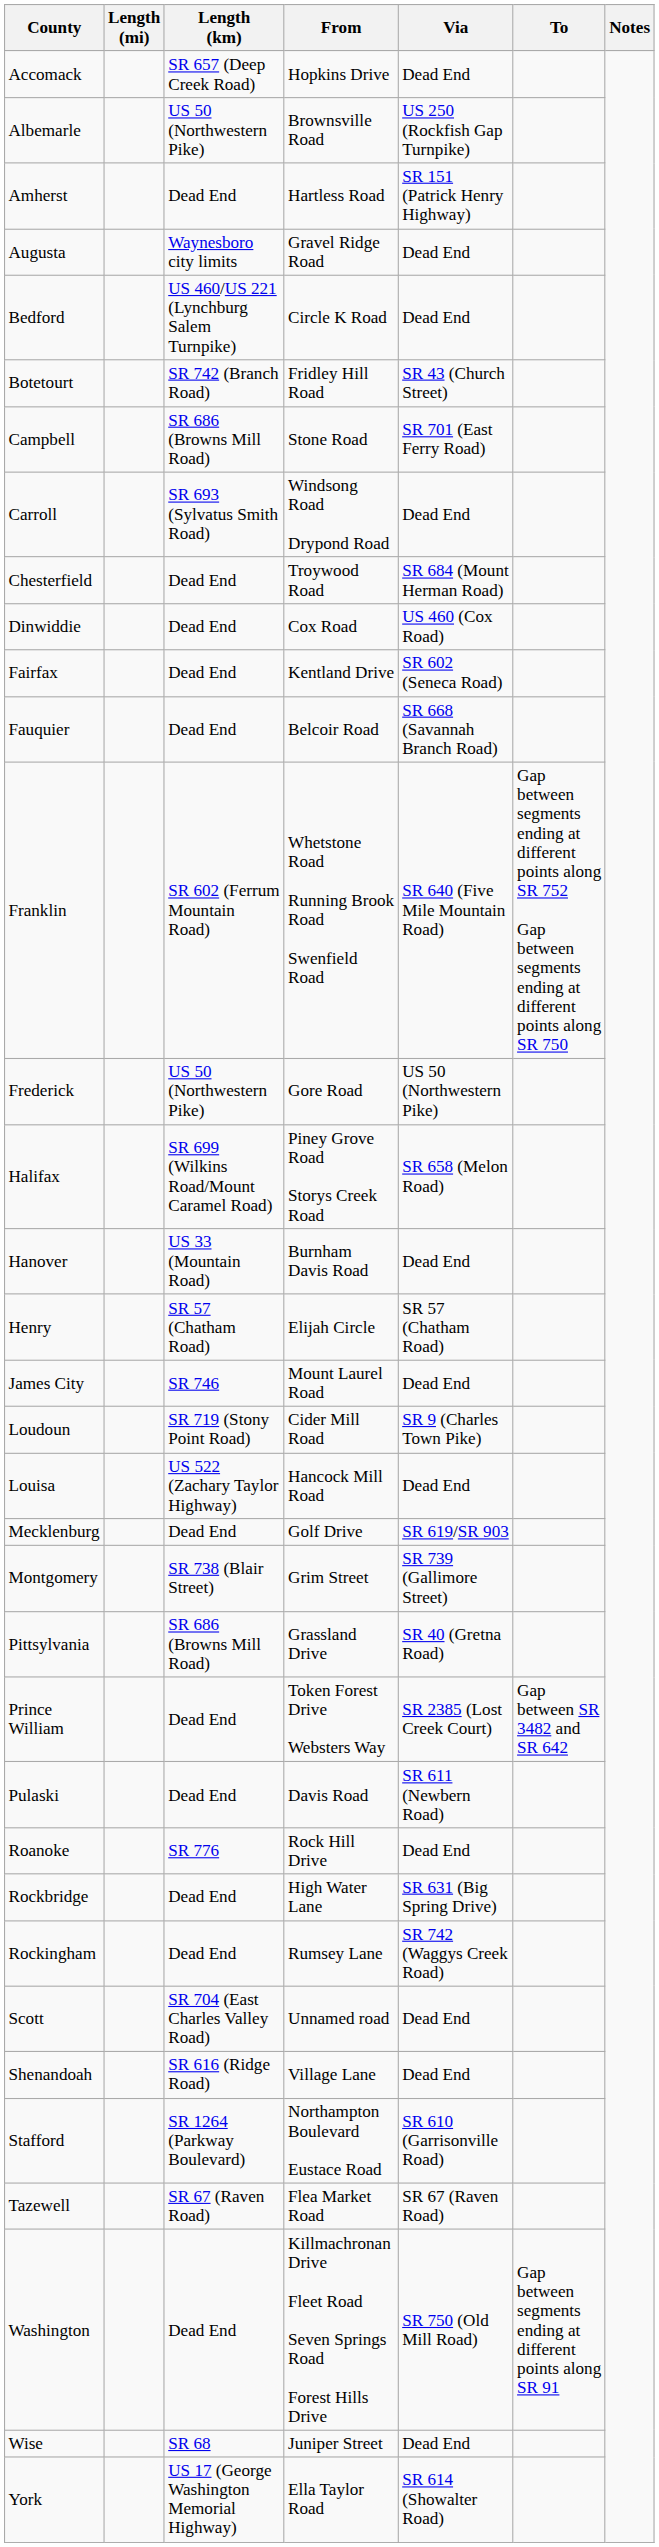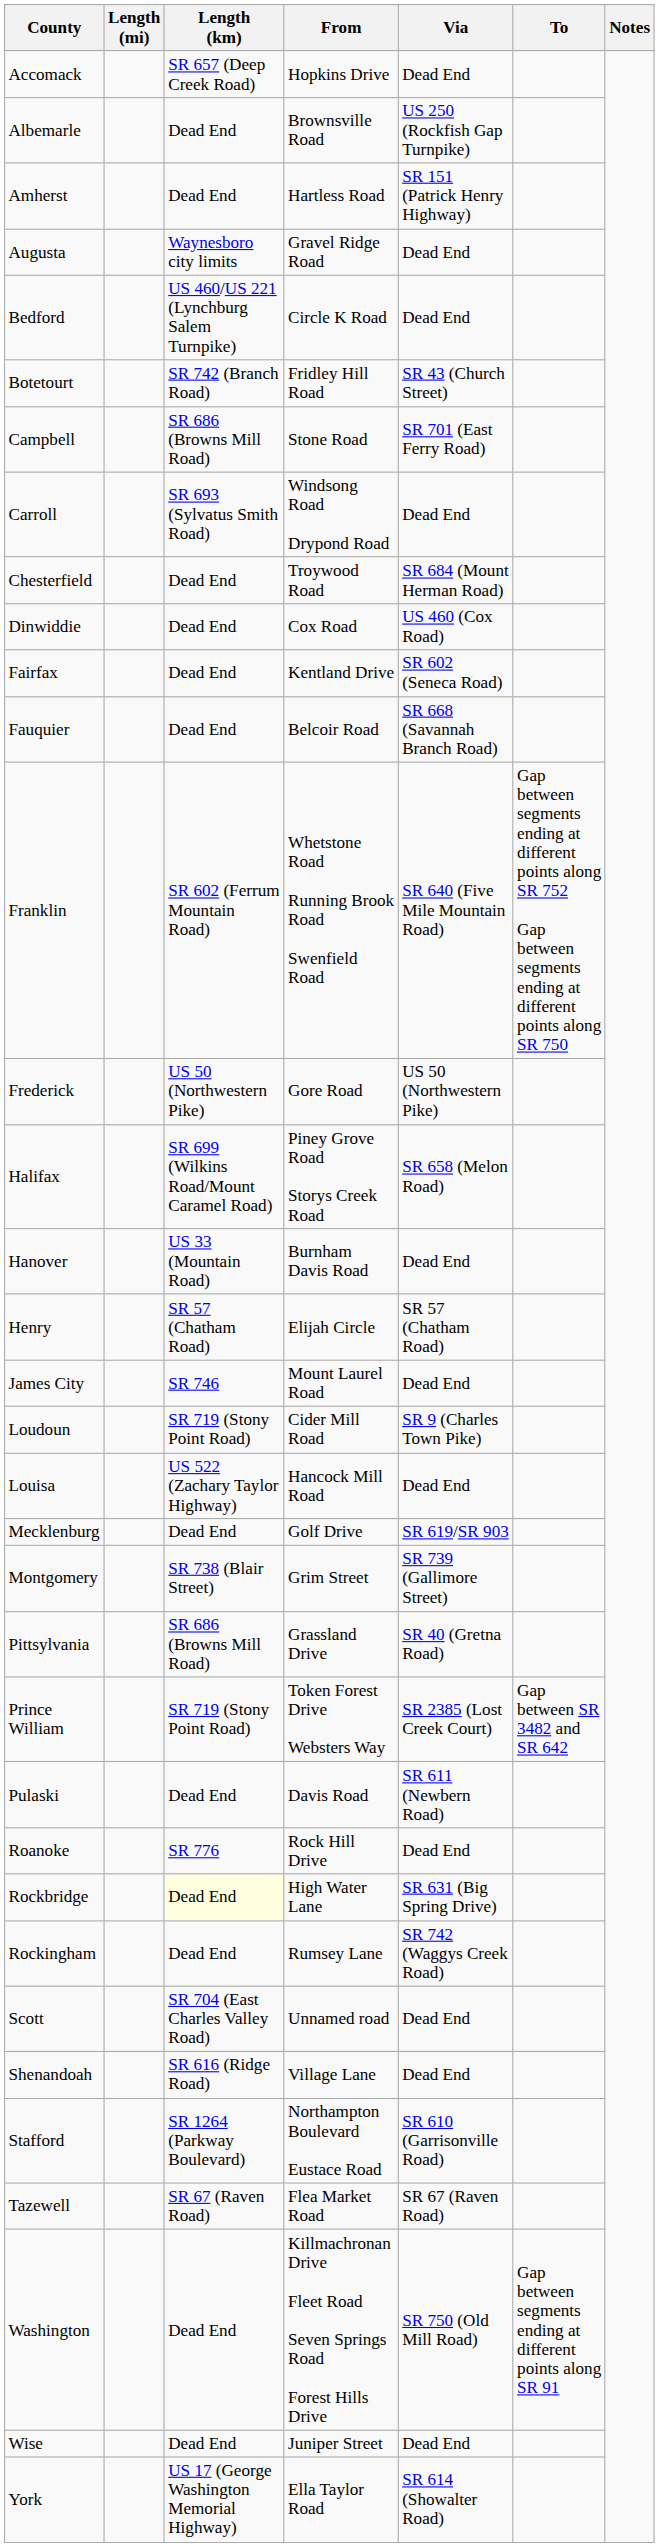 <table class="wikitable sortable">
 <tr>
 <th>County</th>
 <th>Length<br>(mi)</th>
 <th>Length<br>(km)</th>
 <th class="unsortable">From</th>
 <th class="unsortable">Via</th>
 <th class="unsortable">To</th>
 <th class="unsortable">Notes</th>
 </tr>
 <tr>
 <td id="Accomack">Accomack</td>
 <td></td>
 <td><a href='#'>SR 657</a> (Deep Creek Road)</td>
 <td>Hopkins Drive</td>
 <td>Dead End</td>
 <td></td>
 </tr>
 <tr>
 <td id="Albemarle">Albemarle</td>
 <td></td>
-<td><a href='#'>US 50</a> (Northwestern Pike)</td>
+<td>Dead End</td>
 <td>Brownsville Road</td>
 <td><a href='#'>US 250</a> (Rockfish Gap Turnpike)</td>
 <td><br> </td>
 </tr>
 <tr>
 <td id="Amherst">Amherst</td>
 <td></td>
 <td>Dead End</td>
 <td>Hartless Road</td>
 <td><a href='#'>SR 151</a> (Patrick Henry Highway)</td>
 <td><br> </td>
 </tr>
 <tr>
 <td id="Augusta">Augusta</td>
 <td></td>
 <td><a href='#'>Waynesboro</a> city limits</td>
 <td>Gravel Ridge Road</td>
 <td>Dead End</td>
 <td><br></td>
 </tr>
 <tr>
 <td id="Bedford">Bedford</td>
 <td></td>
 <td><a href='#'>US 460</a>/<a href='#'>US 221</a> (Lynchburg Salem Turnpike)</td>
 <td>Circle K Road</td>
 <td>Dead End</td>
 <td><br></td>
 </tr>
 <tr>
 <td id="Botetourt">Botetourt</td>
 <td></td>
 <td><a href='#'>SR 742</a> (Branch Road)</td>
 <td>Fridley Hill Road</td>
 <td><a href='#'>SR 43</a> (Church Street)</td>
 <td><br>  </td>
 </tr>
 <tr>
 <td id="Campbell">Campbell</td>
 <td></td>
 <td><a href='#'>SR 686</a> (Browns Mill Road)</td>
 <td>Stone Road</td>
 <td><a href='#'>SR 701</a> (East Ferry Road)</td>
 <td><br></td>
 </tr>
 <tr>
 <td id="Carroll">Carroll</td>
 <td></td>
 <td><a href='#'>SR 693</a> (Sylvatus Smith Road)</td>
 <td>Windsong Road<br><br>Drypond Road</td>
 <td>Dead End</td>
 <td><br> </td>
 </tr>
 <tr>
 <td id="Chesterfield">Chesterfield</td>
 <td></td>
 <td>Dead End</td>
 <td>Troywood Road</td>
 <td><a href='#'>SR 684</a> (Mount Herman Road)</td>
 <td><br>    </td>
 </tr>
 <tr>
 <td id="Dinwiddie">Dinwiddie</td>
 <td></td>
 <td>Dead End</td>
 <td>Cox Road</td>
 <td><a href='#'>US 460</a> (Cox Road)</td>
 <td><br></td>
 </tr>
 <tr>
 <td id="Fairfax">Fairfax</td>
 <td></td>
 <td>Dead End</td>
 <td>Kentland Drive</td>
 <td><a href='#'>SR 602</a> (Seneca Road)</td>
 <td></td>
 </tr>
 <tr>
 <td id="Fauquier">Fauquier</td>
 <td></td>
 <td>Dead End</td>
 <td>Belcoir Road</td>
 <td><a href='#'>SR 668</a> (Savannah Branch Road)</td>
 <td><br> </td>
 </tr>
 <tr>
 <td id="Franklin">Franklin</td>
 <td></td>
 <td><a href='#'>SR 602</a> (Ferrum Mountain Road)</td>
 <td>Whetstone Road<br><br>Running Brook Road<br><br>Swenfield Road</td>
 <td><a href='#'>SR 640</a> (Five Mile Mountain Road)</td>
 <td>Gap between segments ending at different points along <a href='#'>SR 752</a><br><br>Gap between segments ending at different points along <a href='#'>SR 750</a></td>
 </tr>
 <tr>
 <td id="Frederick">Frederick</td>
 <td></td>
 <td><a href='#'>US 50</a> (Northwestern Pike)</td>
 <td>Gore Road</td>
 <td>US 50 (Northwestern Pike)</td>
 <td><br>     </td>
 </tr>
 <tr>
 <td id="Halifax">Halifax</td>
 <td></td>
 <td><a href='#'>SR 699</a> (Wilkins Road/Mount Caramel Road)</td>
 <td>Piney Grove Road<br><br>Storys Creek Road</td>
 <td><a href='#'>SR 658</a> (Melon Road)</td>
 <td></td>
 </tr>
 <tr>
 <td id="Hanover">Hanover</td>
 <td></td>
 <td><a href='#'>US 33</a> (Mountain Road)</td>
 <td>Burnham Davis Road</td>
 <td>Dead End</td>
 <td><br></td>
 </tr>
 <tr>
 <td id="Henry">Henry</td>
 <td></td>
 <td><a href='#'>SR 57</a> (Chatham Road)</td>
 <td>Elijah Circle</td>
 <td>SR 57 (Chatham Road)</td>
 <td><br> </td>
 </tr>
 <tr>
 <td id="James City">James City</td>
 <td></td>
 <td><a href='#'>SR 746</a></td>
 <td>Mount Laurel Road</td>
 <td>Dead End</td>
 <td><br>    </td>
 </tr>
 <tr>
 <td id="Loudoun">Loudoun</td>
 <td></td>
 <td><a href='#'>SR 719</a> (Stony Point Road)</td>
 <td>Cider Mill Road</td>
 <td><a href='#'>SR 9</a> (Charles Town Pike)</td>
 <td></td>
 </tr>
 <tr>
 <td id="Louisa">Louisa</td>
 <td></td>
 <td><a href='#'>US 522</a> (Zachary Taylor Highway)</td>
 <td>Hancock Mill Road</td>
 <td>Dead End</td>
 <td><br>  </td>
 </tr>
 <tr>
 <td id="Mecklenburg">Mecklenburg</td>
 <td></td>
 <td>Dead End</td>
 <td>Golf Drive</td>
 <td><a href='#'>SR 619</a>/<a href='#'>SR 903</a></td>
 <td><br></td>
 </tr>
 <tr>
 <td id="Montgomery">Montgomery</td>
 <td></td>
 <td><a href='#'>SR 738</a> (Blair Street)</td>
 <td>Grim Street</td>
 <td><a href='#'>SR 739</a> (Gallimore Street)</td>
 <td><br>       </td>
 </tr>
 <tr>
 <td id="Pittsylvania">Pittsylvania</td>
 <td></td>
 <td><a href='#'>SR 686</a> (Browns Mill Road)</td>
 <td>Grassland Drive</td>
 <td><a href='#'>SR 40</a> (Gretna Road)</td>
 <td><br>  </td>
 </tr>
 <tr>
 <td id="Prince William">Prince William</td>
 <td></td>
-<td>Dead End</td>
+<td><a href='#'>SR 719</a> (Stony Point Road)</td>
 <td>Token Forest Drive<br><br>Websters Way</td>
 <td><a href='#'>SR 2385</a> (Lost Creek Court)</td>
 <td>Gap between <a href='#'>SR 3482</a> and <a href='#'>SR 642</a></td>
 </tr>
 <tr>
 <td id="Pulaski">Pulaski</td>
 <td></td>
 <td>Dead End</td>
 <td>Davis Road</td>
 <td><a href='#'>SR 611</a> (Newbern Road)</td>
 <td><br> </td>
 </tr>
 <tr>
 <td id="Roanoke">Roanoke</td>
 <td></td>
 <td><a href='#'>SR 776</a></td>
 <td>Rock Hill Drive</td>
 <td>Dead End</td>
 <td></td>
 </tr>
 <tr>
 <td id="Rockbridge">Rockbridge</td>
 <td></td>
-<td>Dead End</td>
+<td style="background: lightyellow;">Dead End</td>
 <td>High Water Lane</td>
 <td><a href='#'>SR 631</a> (Big Spring Drive)</td>
 <td></td>
 </tr>
 <tr>
 <td id="Rockingham">Rockingham</td>
 <td></td>
 <td>Dead End</td>
 <td>Rumsey Lane</td>
 <td><a href='#'>SR 742</a> (Waggys Creek Road)</td>
 <td><br></td>
 </tr>
 <tr>
 <td id="Scott">Scott</td>
 <td></td>
 <td><a href='#'>SR 704</a> (East Charles Valley Road)</td>
 <td>Unnamed road</td>
 <td>Dead End</td>
 <td></td>
 </tr>
 <tr>
 <td id="Shenandoah">Shenandoah</td>
 <td></td>
 <td><a href='#'>SR 616</a> (Ridge Road)</td>
 <td>Village Lane</td>
 <td>Dead End</td>
 <td><br>  </td>
 </tr>
 <tr>
 <td id="Stafford">Stafford</td>
 <td></td>
 <td><a href='#'>SR 1264</a> (Parkway Boulevard)</td>
 <td>Northampton Boulevard<br><br>Eustace Road</td>
 <td><a href='#'>SR 610</a> (Garrisonville Road)</td>
 <td><br> </td>
 </tr>
 <tr>
 <td id="Tazewell">Tazewell</td>
 <td></td>
 <td><a href='#'>SR 67</a> (Raven Road)</td>
 <td>Flea Market Road</td>
 <td>SR 67 (Raven Road)</td>
 <td><br></td>
 </tr>
 <tr>
 <td id="Washington">Washington</td>
 <td></td>
 <td>Dead End</td>
 <td>Killmachronan Drive<br><br>Fleet Road<br><br>Seven Springs Road<br><br>Forest Hills Drive</td>
 <td><a href='#'>SR 750</a> (Old Mill Road)</td>
 <td>Gap between segments ending at different points along <a href='#'>SR 91</a><br></td>
 </tr>
 <tr>
 <td id="Wise">Wise</td>
 <td></td>
-<td><a href='#'>SR 68</a></td>
+<td>Dead End</td>
 <td>Juniper Street</td>
 <td>Dead End</td>
 <td><br></td>
 </tr>
 <tr>
 <td id="York">York</td>
 <td></td>
 <td><a href='#'>US 17</a> (George Washington Memorial Highway)</td>
 <td>Ella Taylor Road</td>
 <td><a href='#'>SR 614</a> (Showalter Road)</td>
 <td></td>
 </tr>
 </table>
